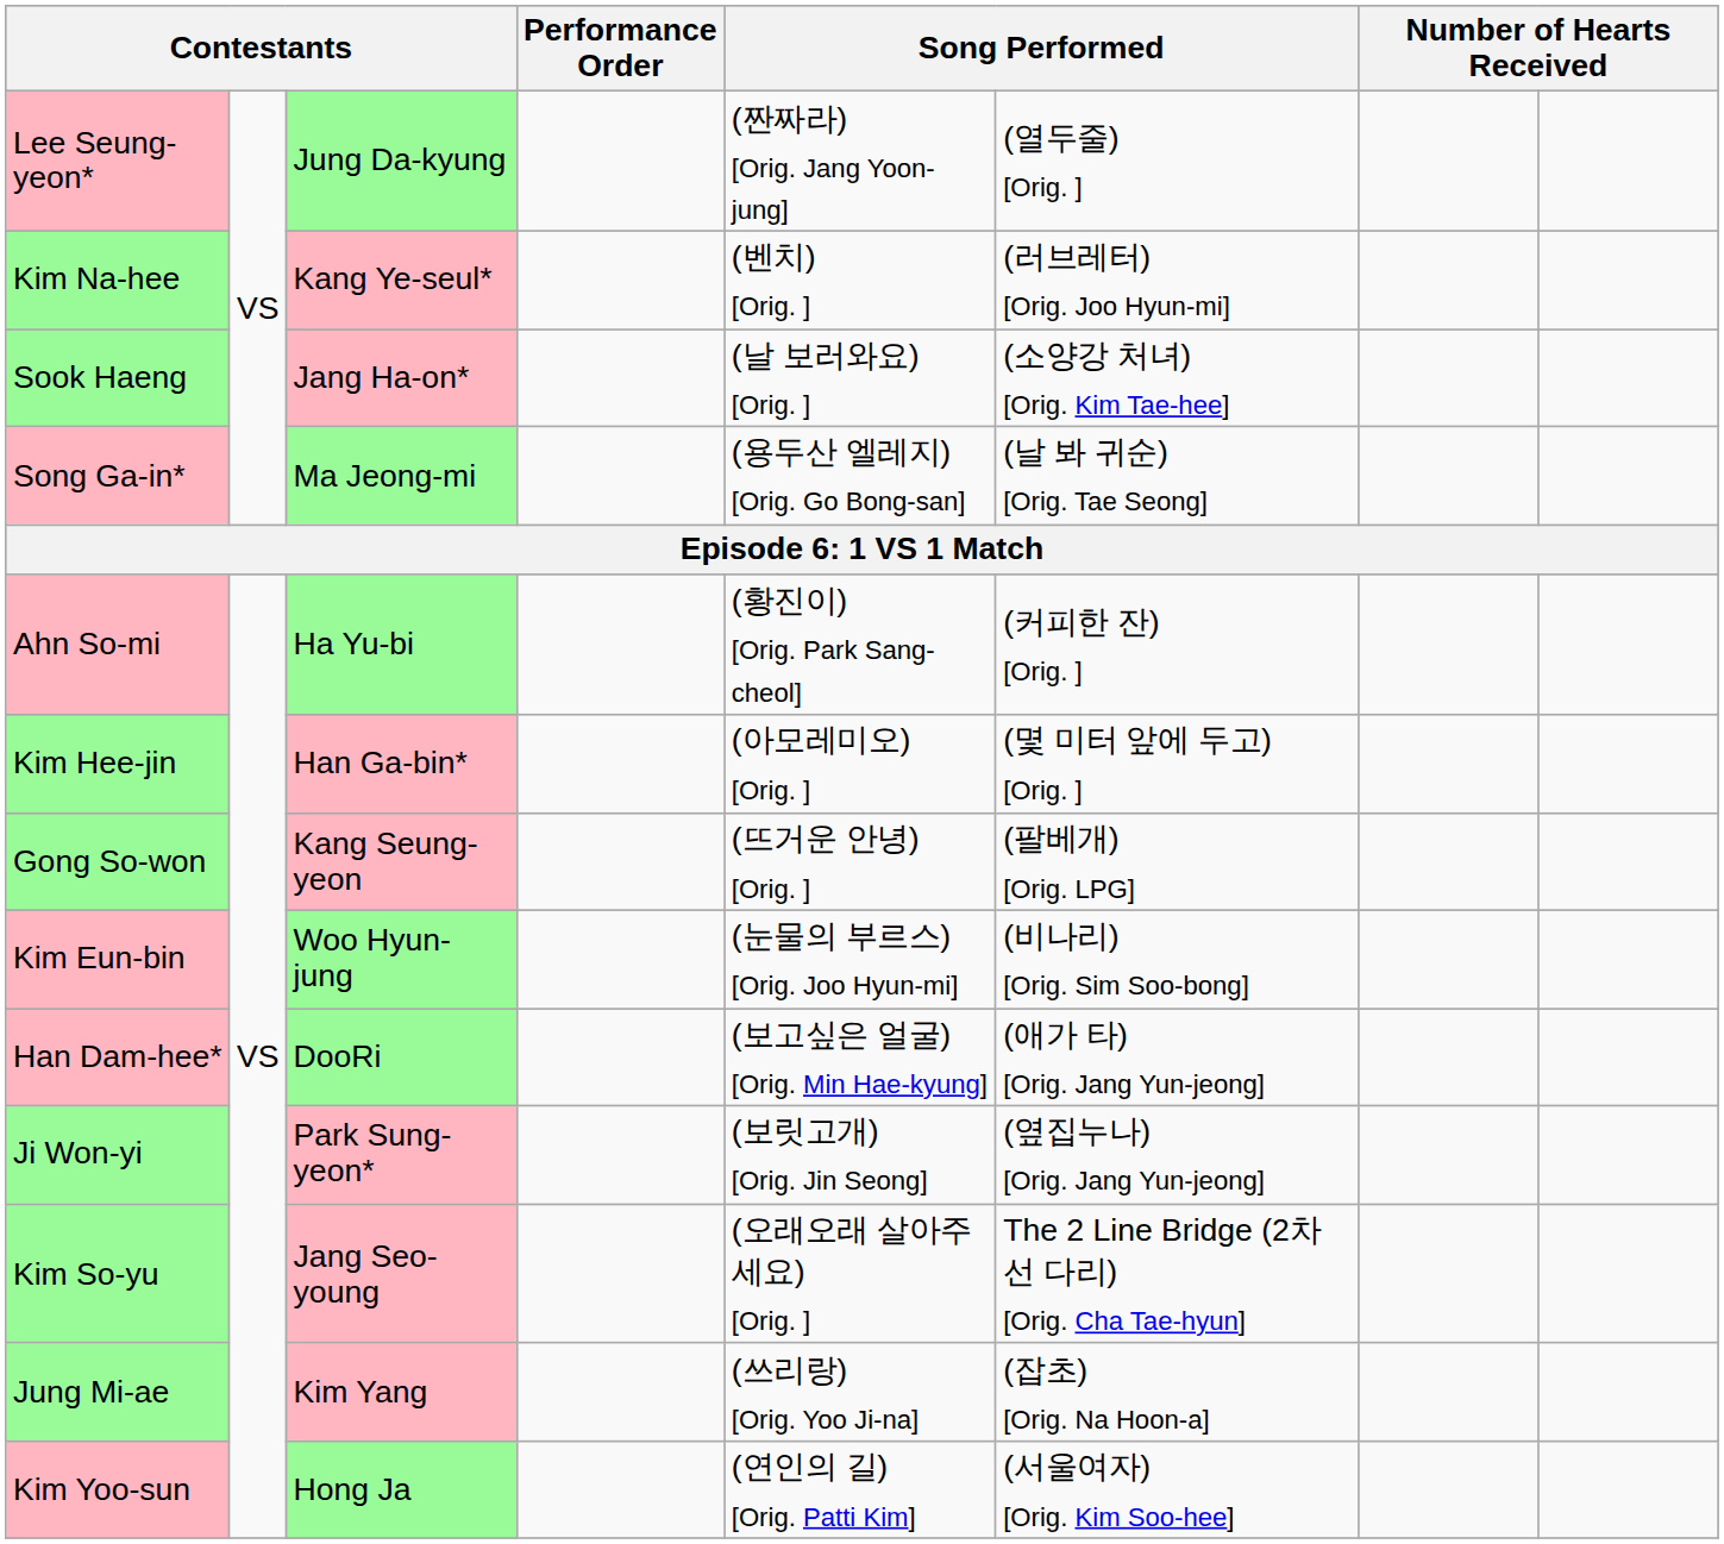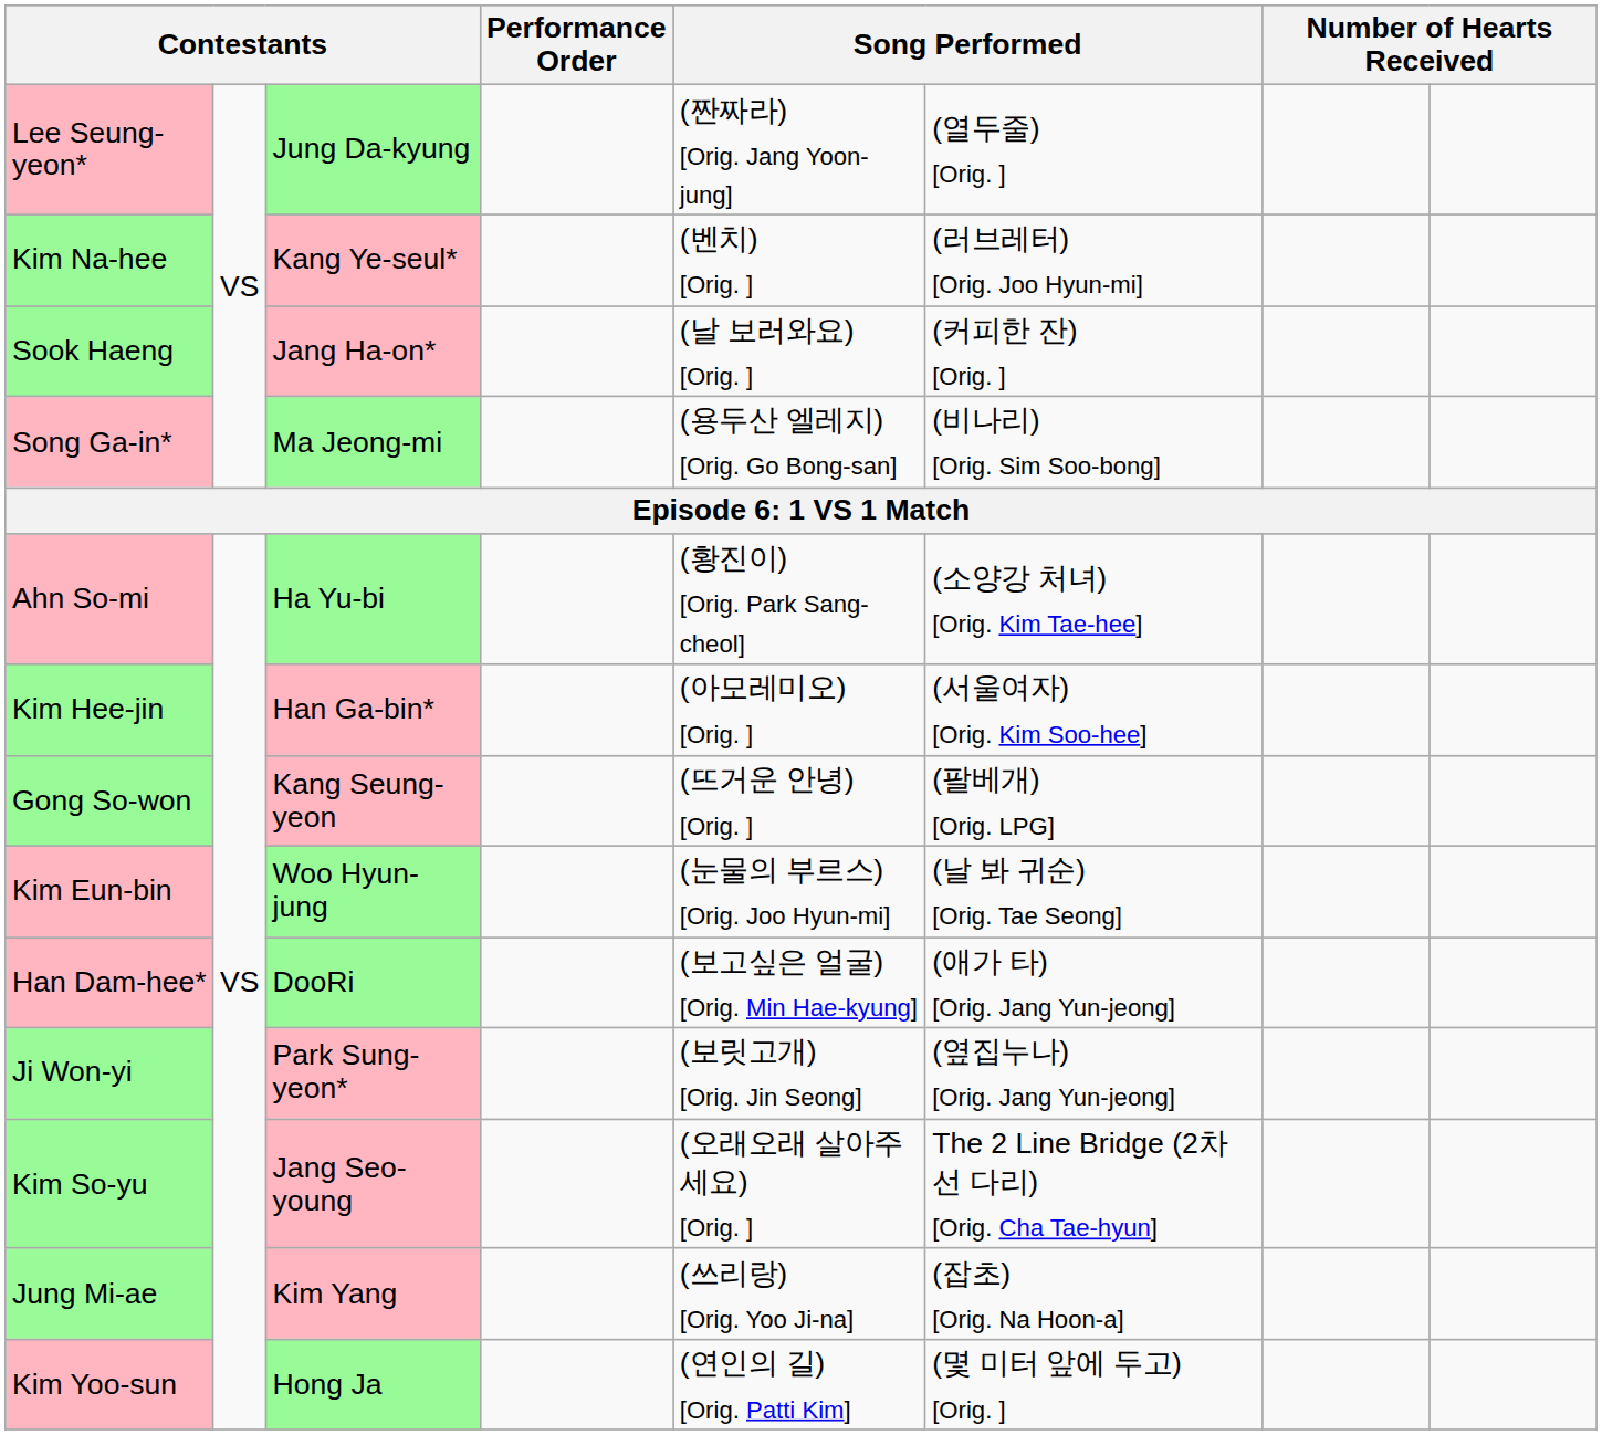 <table class="wikitable">
 <tr>
 <th colspan=3>Contestants</th>
 <th>Performance<br>Order</th>
 <th colspan=2>Song Performed</th>
 <th colspan=2>Number of Hearts Received</th>
 </tr>
 <tr>
 <td bgcolor="lightpink">Lee Seung-yeon*</td>
 <td rowspan=4>VS</td>
 <td bgcolor="palegreen">Jung Da-kyung</td>
 <td></td>
 <td>(짠짜라)<br><sub>[Orig. Jang Yoon-jung]</sub></td>
 <td>(열두줄)<br><sub>[Orig. ]</sub></td>
 <td></td>
 <td></td>
 </tr>
 <tr>
 <td bgcolor="palegreen">Kim Na-hee</td>
 <td bgcolor="lightpink">Kang Ye-seul*</td>
 <td></td>
 <td>(벤치)<br><sub>[Orig. ]</sub></td>
 <td>(러브레터)<br><sub>[Orig. Joo Hyun-mi]</sub></td>
 <td></td>
 <td></td>
 </tr>
 <tr>
 <td bgcolor="palegreen">Sook Haeng</td>
 <td bgcolor="lightpink">Jang Ha-on*</td>
 <td></td>
 <td>(날 보러와요)<br><sub>[Orig. ]</sub></td>
-<td>(소양강 처녀)<br><sub>[Orig. <a href='#'>Kim Tae-hee</a>]</sub></td>
+<td>(커피한 잔)<br><sub>[Orig. ]</sub></td>
 <td></td>
 <td></td>
 </tr>
 <tr>
 <td bgcolor="lightpink">Song Ga-in*</td>
 <td bgcolor="palegreen">Ma Jeong-mi</td>
 <td></td>
 <td>(용두산 엘레지)<br><sub>[Orig. Go Bong-san]</sub></td>
-<td>(날 봐 귀순)<br><sub>[Orig. Tae Seong]</sub></td>
+<td>(비나리)<br><sub>[Orig. Sim Soo-bong]</sub></td>
 <td></td>
 <td></td>
 </tr>
 <tr>
 <th colspan=8><strong>Episode 6: 1 VS 1 Match</strong></th>
 </tr>
 <tr>
 <td bgcolor="lightpink">Ahn So-mi</td>
 <td rowspan=9>VS</td>
 <td bgcolor="palegreen">Ha Yu-bi</td>
 <td></td>
 <td>(황진이)<br><sub>[Orig. Park Sang-cheol]</sub></td>
-<td>(커피한 잔)<br><sub>[Orig. ]</sub></td>
+<td>(소양강 처녀)<br><sub>[Orig. <a href='#'>Kim Tae-hee</a>]</sub></td>
 <td></td>
 <td></td>
 </tr>
 <tr>
 <td bgcolor="palegreen">Kim Hee-jin</td>
 <td bgcolor="lightpink">Han Ga-bin*</td>
 <td></td>
 <td>(아모레미오)<br><sub>[Orig. ]</sub></td>
-<td>(몇 미터 앞에 두고)<br><sub>[Orig. ]</sub></td>
+<td>(서울여자)<br><sub>[Orig. <a href='#'>Kim Soo-hee</a>]</sub></td>
 <td></td>
 <td></td>
 </tr>
 <tr>
 <td bgcolor="palegreen">Gong So-won</td>
 <td bgcolor="lightpink">Kang Seung-yeon</td>
 <td></td>
 <td>(뜨거운 안녕)<br><sub>[Orig. ]</sub></td>
 <td>(팔베개)<br><sub>[Orig. LPG]</sub></td>
 <td></td>
 <td></td>
 </tr>
 <tr>
 <td bgcolor="lightpink">Kim Eun-bin</td>
 <td bgcolor="palegreen">Woo Hyun-jung</td>
 <td></td>
 <td>(눈물의 부르스)<br><sub>[Orig. Joo Hyun-mi]</sub></td>
-<td>(비나리)<br><sub>[Orig. Sim Soo-bong]</sub></td>
+<td>(날 봐 귀순)<br><sub>[Orig. Tae Seong]</sub></td>
 <td></td>
 <td></td>
 </tr>
 <tr>
 <td bgcolor="lightpink">Han Dam-hee*</td>
 <td bgcolor="palegreen">DooRi</td>
 <td></td>
 <td>(보고싶은 얼굴)<br><sub>[Orig. <a href='#'>Min Hae-kyung</a>]</sub></td>
 <td>(애가 타)<br><sub>[Orig. Jang Yun-jeong]</sub></td>
 <td></td>
 <td></td>
 </tr>
 <tr>
 <td bgcolor="palegreen">Ji Won-yi</td>
 <td bgcolor="lightpink">Park Sung-yeon*</td>
 <td></td>
 <td>(보릿고개)<br><sub>[Orig. Jin Seong]</sub></td>
 <td>(옆집누나)<br><sub>[Orig. Jang Yun-jeong]</sub></td>
 <td></td>
 <td></td>
 </tr>
 <tr>
 <td bgcolor="palegreen">Kim So-yu</td>
 <td bgcolor="lightpink">Jang Seo-young</td>
 <td></td>
 <td>(오래오래 살아주세요)<br><sub>[Orig. ]</sub></td>
 <td>The 2 Line Bridge (2차선 다리)<br><sub>[Orig. <a href='#'>Cha Tae-hyun</a>]</sub></td>
 <td></td>
 <td></td>
 </tr>
 <tr>
 <td bgcolor="palegreen">Jung Mi-ae</td>
 <td bgcolor="lightpink">Kim Yang</td>
 <td></td>
 <td>(쓰리랑)<br><sub>[Orig. Yoo Ji-na]</sub></td>
 <td>(잡초)<br><sub>[Orig. Na Hoon-a]</sub></td>
 <td></td>
 <td></td>
 </tr>
 <tr>
 <td bgcolor="lightpink">Kim Yoo-sun</td>
 <td bgcolor="palegreen">Hong Ja</td>
 <td></td>
 <td>(연인의 길)<br><sub>[Orig. <a href='#'>Patti Kim</a>]</sub></td>
-<td>(서울여자)<br><sub>[Orig. <a href='#'>Kim Soo-hee</a>]</sub></td>
+<td>(몇 미터 앞에 두고)<br><sub>[Orig. ]</sub></td>
 <td></td>
 <td></td>
 </tr>
 </table>
